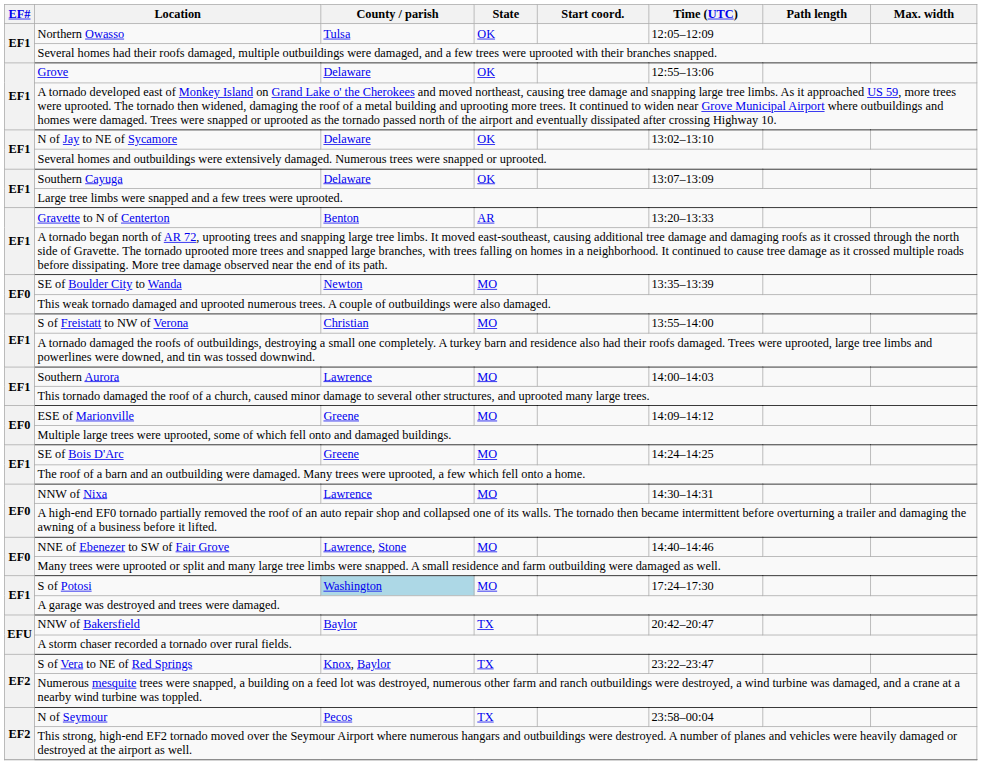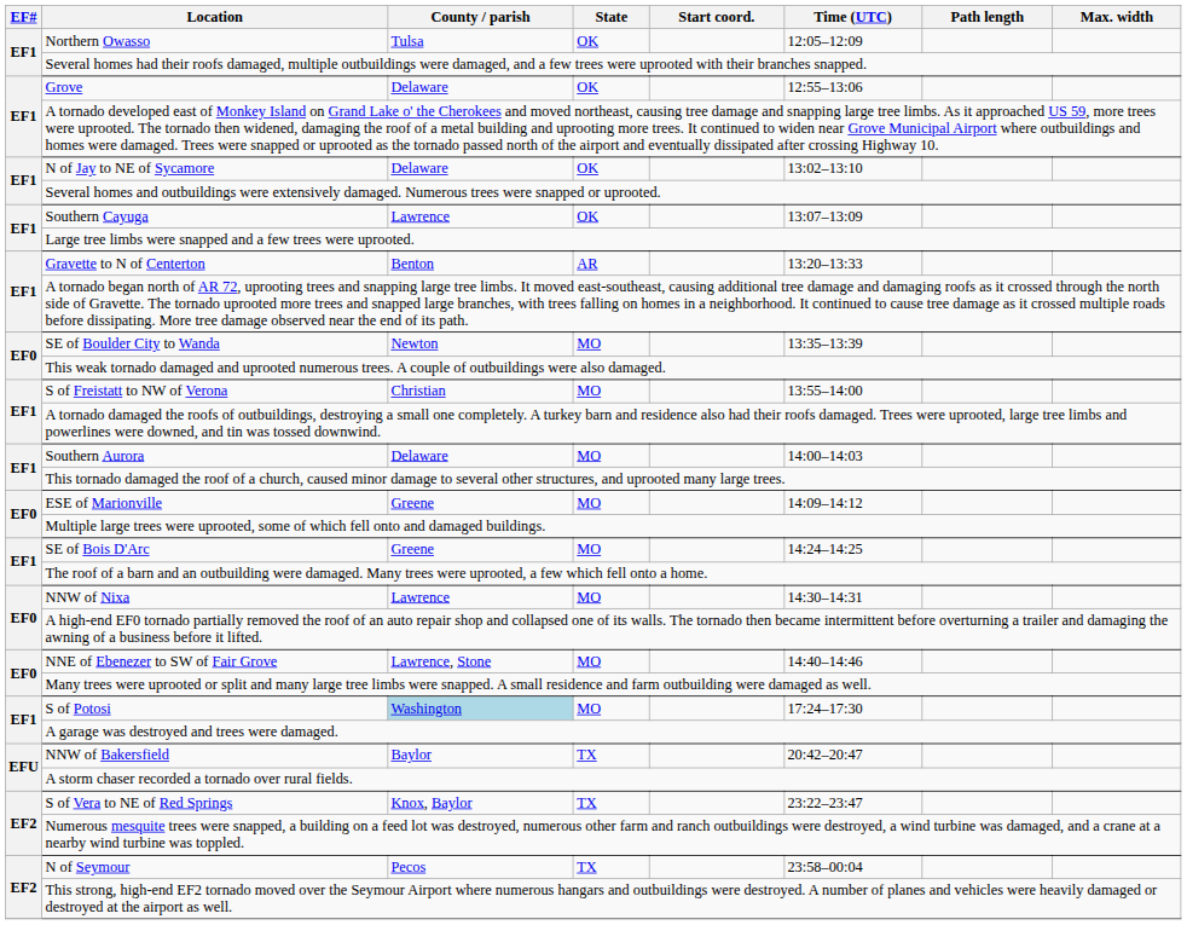 <table class="wikitable sortable" style="width:100%;">
 <tr>
 <th scope="col" width="2%" align="center"><a href='#'>EF#</a></th>
 <th scope="col" align="center" class="unsortable">Location</th>
 <th scope="col" align="center" class="unsortable">County / parish</th>
 <th scope="col" align="center">State</th>
 <th scope="col" align="center">Start coord.</th>
 <th scope="col" align="center">Time (<a href='#'>UTC</a>)</th>
 <th scope="col" align="center">Path length</th>
 <th scope="col" align="center">Max. width</th>
 </tr>
 <tr>
 <th scope="row" rowspan="2" style="background-color:#">EF1</th>
 <td>Northern <a href='#'>Owasso</a></td>
 <td><a href='#'>Tulsa</a></td>
 <td><a href='#'>OK</a></td>
 <td></td>
 <td>12:05–12:09</td>
 <td></td>
 <td></td>
 </tr>
 <tr class="expand-child">
 <td colspan="8" style=" border-bottom: 1px solid black;">Several homes had their roofs damaged, multiple outbuildings were damaged, and a few trees were uprooted with their branches snapped.</td>
 </tr>
 <tr>
 <th scope="row" rowspan="2" style="background-color:#">EF1</th>
 <td><a href='#'>Grove</a></td>
 <td><a href='#'>Delaware</a></td>
 <td><a href='#'>OK</a></td>
 <td></td>
 <td>12:55–13:06</td>
 <td></td>
 <td></td>
 </tr>
 <tr class="expand-child">
 <td colspan="8" style=" border-bottom: 1px solid black;">A tornado developed east of <a href='#'>Monkey Island</a> on <a href='#'>Grand Lake o' the Cherokees</a> and moved northeast, causing tree damage and snapping large tree limbs. As it approached <a href='#'>US 59</a>, more trees were uprooted. The tornado then widened, damaging the roof of a metal building and uprooting more trees. It continued to widen near <a href='#'>Grove Municipal Airport</a> where outbuildings and homes were damaged. Trees were snapped or uprooted as the tornado passed north of the airport and eventually dissipated after crossing Highway 10.</td>
 </tr>
 <tr>
 <th scope="row" rowspan="2" style="background-color:#">EF1</th>
 <td>N of <a href='#'>Jay</a> to NE of <a href='#'>Sycamore</a></td>
 <td><a href='#'>Delaware</a></td>
 <td><a href='#'>OK</a></td>
 <td></td>
 <td>13:02–13:10</td>
 <td></td>
 <td></td>
 </tr>
 <tr class="expand-child">
 <td colspan="8" style=" border-bottom: 1px solid black;">Several homes and outbuildings were extensively damaged. Numerous trees were snapped or uprooted.</td>
 </tr>
 <tr>
 <th scope="row" rowspan="2" style="background-color:#">EF1</th>
 <td>Southern <a href='#'>Cayuga</a></td>
-<td><a href='#'>Delaware</a></td>
+<td><a href='#'>Lawrence</a></td>
 <td><a href='#'>OK</a></td>
 <td></td>
 <td>13:07–13:09</td>
 <td></td>
 <td></td>
 </tr>
 <tr class="expand-child">
 <td colspan="8" style=" border-bottom: 1px solid black;">Large tree limbs were snapped and a few trees were uprooted.</td>
 </tr>
 <tr>
 <th scope="row" rowspan="2" style="background-color:#">EF1</th>
 <td><a href='#'>Gravette</a> to N of <a href='#'>Centerton</a></td>
 <td><a href='#'>Benton</a></td>
 <td><a href='#'>AR</a></td>
 <td></td>
 <td>13:20–13:33</td>
 <td></td>
 <td></td>
 </tr>
 <tr class="expand-child">
 <td colspan="8" style=" border-bottom: 1px solid black;">A tornado began north of <a href='#'>AR 72</a>, uprooting trees and snapping large tree limbs. It moved east-southeast, causing additional tree damage and damaging roofs as it crossed through the north side of Gravette. The tornado uprooted more trees and snapped large branches, with trees falling on homes in a neighborhood. It continued to cause tree damage as it crossed multiple roads before dissipating. More tree damage observed near the end of its path.</td>
 </tr>
 <tr>
 <th scope="row" rowspan="2" style="background-color:#">EF0</th>
 <td>SE of <a href='#'>Boulder City</a> to <a href='#'>Wanda</a></td>
 <td><a href='#'>Newton</a></td>
 <td><a href='#'>MO</a></td>
 <td></td>
 <td>13:35–13:39</td>
 <td></td>
 <td></td>
 </tr>
 <tr class="expand-child">
 <td colspan="8" style=" border-bottom: 1px solid black;">This weak tornado damaged and uprooted numerous trees. A couple of outbuildings were also damaged.</td>
 </tr>
 <tr>
 <th scope="row" rowspan="2" style="background-color:#">EF1</th>
 <td>S of <a href='#'>Freistatt</a> to NW of <a href='#'>Verona</a></td>
 <td><a href='#'>Christian</a></td>
 <td><a href='#'>MO</a></td>
 <td></td>
 <td>13:55–14:00</td>
 <td></td>
 <td></td>
 </tr>
 <tr class="expand-child">
 <td colspan="8" style=" border-bottom: 1px solid black;">A tornado damaged the roofs of outbuildings, destroying a small one completely. A turkey barn and residence also had their roofs damaged. Trees were uprooted, large tree limbs and powerlines were downed, and tin was tossed downwind.</td>
 </tr>
 <tr>
 <th scope="row" rowspan="2" style="background-color:#">EF1</th>
 <td>Southern <a href='#'>Aurora</a></td>
-<td><a href='#'>Lawrence</a></td>
+<td><a href='#'>Delaware</a></td>
 <td><a href='#'>MO</a></td>
 <td></td>
 <td>14:00–14:03</td>
 <td></td>
 <td></td>
 </tr>
 <tr class="expand-child">
 <td colspan="8" style=" border-bottom: 1px solid black;">This tornado damaged the roof of a church, caused minor damage to several other structures, and uprooted many large trees.</td>
 </tr>
 <tr>
 <th scope="row" rowspan="2" style="background-color:#">EF0</th>
 <td>ESE of <a href='#'>Marionville</a></td>
 <td><a href='#'>Greene</a></td>
 <td><a href='#'>MO</a></td>
 <td></td>
 <td>14:09–14:12</td>
 <td></td>
 <td></td>
 </tr>
 <tr class="expand-child">
 <td colspan="8" style=" border-bottom: 1px solid black;">Multiple large trees were uprooted, some of which fell onto and damaged buildings.</td>
 </tr>
 <tr>
 <th scope="row" rowspan="2" style="background-color:#">EF1</th>
 <td>SE of <a href='#'>Bois D'Arc</a></td>
 <td><a href='#'>Greene</a></td>
 <td><a href='#'>MO</a></td>
 <td></td>
 <td>14:24–14:25</td>
 <td></td>
 <td></td>
 </tr>
 <tr class="expand-child">
 <td colspan="8" style=" border-bottom: 1px solid black;">The roof of a barn and an outbuilding were damaged. Many trees were uprooted, a few which fell onto a home.</td>
 </tr>
 <tr>
 <th scope="row" rowspan="2" style="background-color:#">EF0</th>
 <td>NNW of <a href='#'>Nixa</a></td>
 <td><a href='#'>Lawrence</a></td>
 <td><a href='#'>MO</a></td>
 <td></td>
 <td>14:30–14:31</td>
 <td></td>
 <td></td>
 </tr>
 <tr class="expand-child">
 <td colspan="8" style=" border-bottom: 1px solid black;">A high-end EF0 tornado partially removed the roof of an auto repair shop and collapsed one of its walls. The tornado then became intermittent before overturning a trailer and damaging the awning of a business before it lifted.</td>
 </tr>
 <tr>
 <th scope="row" rowspan="2" style="background-color:#">EF0</th>
 <td>NNE of <a href='#'>Ebenezer</a> to SW of <a href='#'>Fair Grove</a></td>
 <td><a href='#'>Lawrence</a>, <a href='#'>Stone</a></td>
 <td><a href='#'>MO</a></td>
 <td></td>
 <td>14:40–14:46</td>
 <td></td>
 <td></td>
 </tr>
 <tr class="expand-child">
 <td colspan="8" style=" border-bottom: 1px solid black;">Many trees were uprooted or split and many large tree limbs were snapped. A small residence and farm outbuilding were damaged as well.</td>
 </tr>
 <tr>
 <th scope="row" rowspan="2" style="background-color:#">EF1</th>
 <td>S of <a href='#'>Potosi</a></td>
 <td style="background: lightblue;"><a href='#'>Washington</a></td>
 <td><a href='#'>MO</a></td>
 <td></td>
 <td>17:24–17:30</td>
 <td></td>
 <td></td>
 </tr>
 <tr class="expand-child">
 <td colspan="8" style=" border-bottom: 1px solid black;">A garage was destroyed and trees were damaged.</td>
 </tr>
 <tr>
 <th scope="row" rowspan="2" style="background-color:#">EFU</th>
 <td>NNW of <a href='#'>Bakersfield</a></td>
 <td><a href='#'>Baylor</a></td>
 <td><a href='#'>TX</a></td>
 <td></td>
 <td>20:42–20:47</td>
 <td></td>
 <td></td>
 </tr>
 <tr class="expand-child">
 <td colspan="8" style=" border-bottom: 1px solid black;">A storm chaser recorded a tornado over rural fields.</td>
 </tr>
 <tr>
 <th scope="row" rowspan="2" style="background-color:#">EF2</th>
 <td>S of <a href='#'>Vera</a> to NE of <a href='#'>Red Springs</a></td>
 <td><a href='#'>Knox</a>, <a href='#'>Baylor</a></td>
 <td><a href='#'>TX</a></td>
 <td></td>
 <td>23:22–23:47</td>
 <td></td>
 <td></td>
 </tr>
 <tr class="expand-child">
 <td colspan="8" style=" border-bottom: 1px solid black;">Numerous <a href='#'>mesquite</a> trees were snapped, a building on a feed lot was destroyed, numerous other farm and ranch outbuildings were destroyed, a wind turbine was damaged, and a crane at a nearby wind turbine was toppled.</td>
 </tr>
 <tr>
 <th scope="row" rowspan="2" style="background-color:#">EF2</th>
 <td>N of <a href='#'>Seymour</a></td>
 <td><a href='#'>Pecos</a></td>
 <td><a href='#'>TX</a></td>
 <td></td>
 <td>23:58–00:04</td>
 <td></td>
 <td></td>
 </tr>
 <tr class="expand-child">
 <td colspan="8" style=" border-bottom: 1px solid black;">This strong, high-end EF2 tornado moved over the Seymour Airport where numerous hangars and outbuildings were destroyed. A number of planes and vehicles were heavily damaged or destroyed at the airport as well.</td>
 </tr>
 <tr>
 </tr>
 </table>
